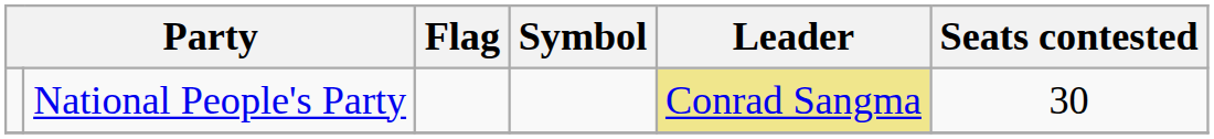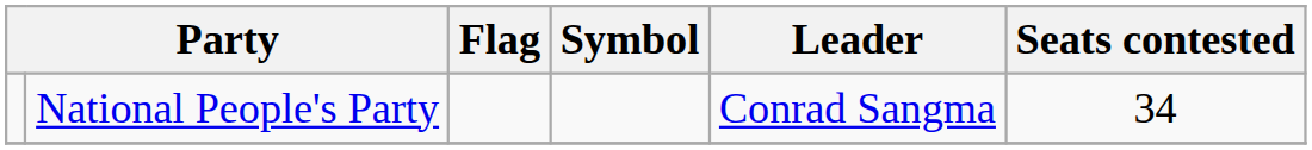 <table class="wikitable" style="text-align:center;">
 <tr>
 <th colspan="2">Party</th>
 <th>Flag</th>
 <th>Symbol</th>
 <th>Leader</th>
 <th>Seats contested</th>
 </tr>
 <tr>
 <td></td>
 <td><a href='#'>National People's Party</a></td>
 <td></td>
 <td></td>
-<td style="background: khaki;"><a href='#'>Conrad Sangma</a></td>
-<td>30</td>
+<td><a href='#'>Conrad Sangma</a></td>
+<td>34</td>
 </tr>
 <tr>
 </tr>
 </table>
